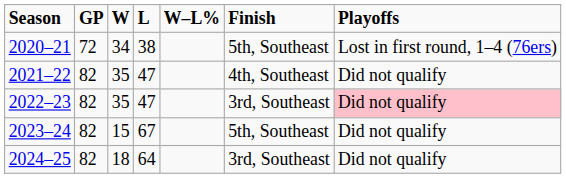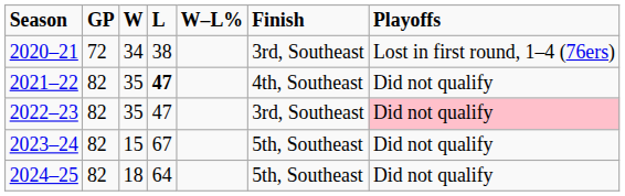 <table class="wikitable">
 <tr style="font-weight:bold; ">
 <td>Season</td>
 <td>GP</td>
 <td>W</td>
 <td>L</td>
 <td>W–L%</td>
 <td>Finish</td>
 <td>Playoffs</td>
 </tr>
 <tr>
 <td><a href='#'>2020–21</a></td>
 <td>72</td>
 <td>34</td>
 <td>38</td>
 <td></td>
-<td>5th, Southeast</td>
+<td>3rd, Southeast</td>
 <td>Lost in first round, 1–4 (<a href='#'>76ers</a>)</td>
 </tr>
 <tr>
 <td><a href='#'>2021–22</a></td>
 <td>82</td>
 <td>35</td>
-<td>47</td>
+<td><strong>47</strong></td>
 <td></td>
 <td>4th, Southeast</td>
 <td>Did not qualify</td>
 </tr>
 <tr>
 <td><a href='#'>2022–23</a></td>
 <td>82</td>
 <td>35</td>
 <td>47</td>
 <td></td>
 <td>3rd, Southeast</td>
 <td style="background: pink;">Did not qualify</td>
 </tr>
 <tr>
 <td><a href='#'>2023–24</a></td>
 <td>82</td>
 <td>15</td>
 <td>67</td>
 <td></td>
 <td>5th, Southeast</td>
 <td>Did not qualify</td>
 </tr>
 <tr>
 <td><a href='#'>2024–25</a></td>
 <td>82</td>
 <td>18</td>
 <td>64</td>
 <td></td>
-<td>3rd, Southeast</td>
+<td>5th, Southeast</td>
 <td>Did not qualify</td>
 </tr>
 </table>
